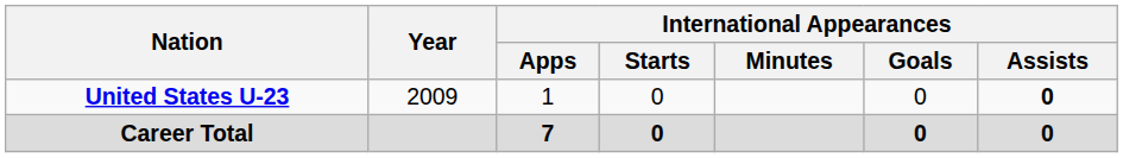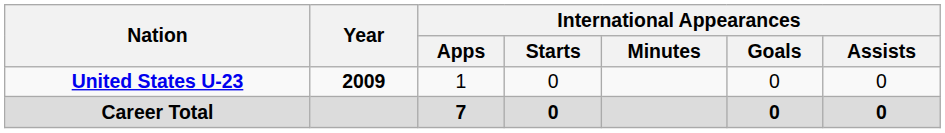 <table class="wikitable" style=font-size:90% text-align: center width=35%>
 <tr>
 <th rowspan=2 width=20%>Nation</th>
 <th rowspan=2 width=7%>Year</th>
 <th colspan=5 width=30%>International Appearances</th>
 </tr>
 <tr>
 <th align=center>Apps</th>
 <th align=center>Starts</th>
 <th align=center>Minutes</th>
 <th align=center>Goals</th>
 <th align=center>Assists</th>
 </tr>
 <tr>
 <td rowspan=1 align=center><strong><a href='#'>United States U-23</a></strong></td>
-<td align=center>2009</td>
+<td align=center><strong>2009</strong></td>
 <td align=center>1</td>
 <td align=center>0</td>
 <td align=center></td>
 <td align=center>0</td>
-<td align=center><strong>0</strong></td>
+<td align=center>0</td>
 </tr>
 <tr>
 <th style="background: #DCDCDC" align=center>Career Total</th>
 <th style="background: #DCDCDC" align=center></th>
 <th style="background: #DCDCDC" align=center>7</th>
 <th style="background: #DCDCDC" align=center>0</th>
 <th style="background: #DCDCDC" align=center></th>
 <th style="background: #DCDCDC" align=center>0</th>
 <th style="background: #DCDCDC" align=center>0</th>
 </tr>
 </table>
